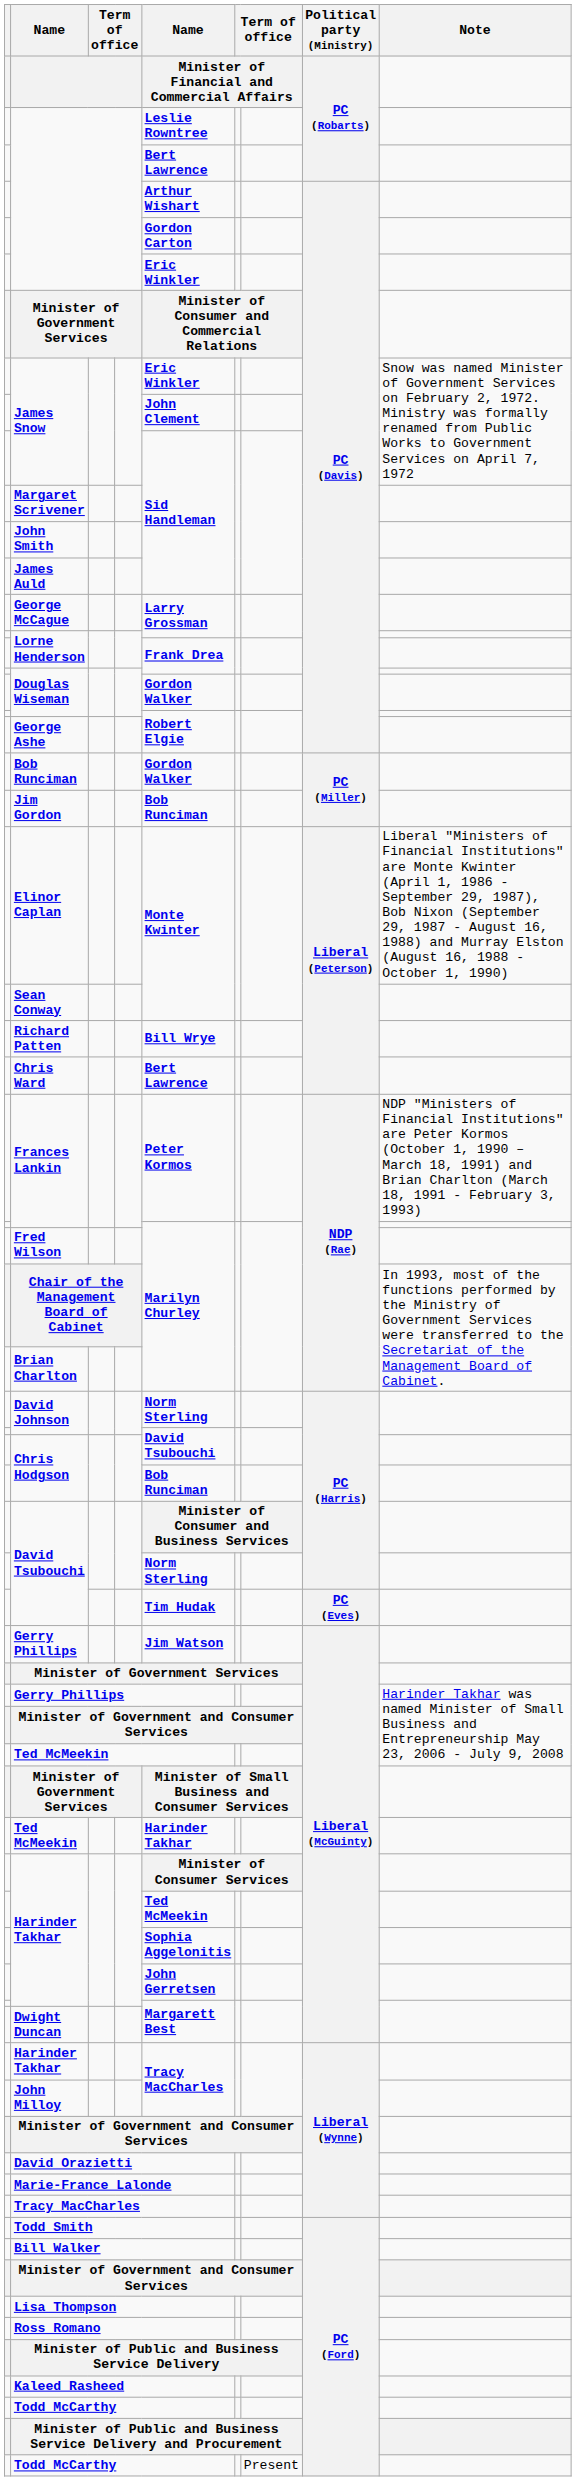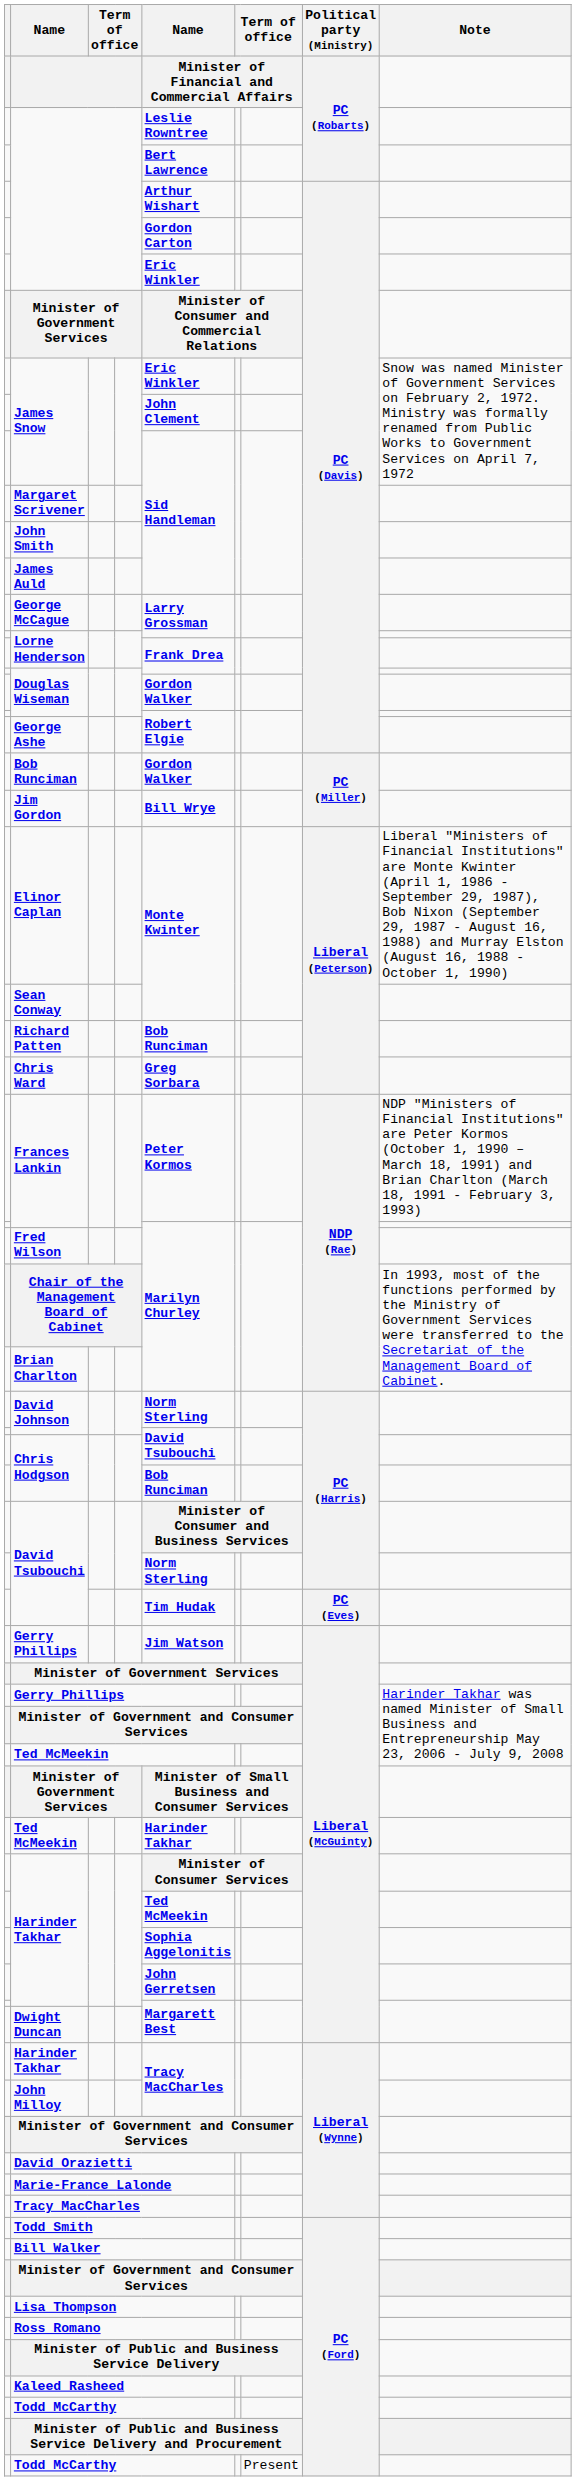 <table class="wikitable" style="width: 90%">
 <tr>
 <th></th>
 <th>Name</th>
 <th colspan=2>Term of office</th>
 <th>Name</th>
 <th colspan=2>Term of office</th>
 <th>Political party<br><small>(Ministry)</small></th>
 <th style="width: 400px;">Note</th>
 </tr>
 <tr>
 <th></th>
 <th colspan=3></th>
 <th colspan=3>Minister of Financial and Commercial Affairs</th>
 <th rowspan=3; style="background:"><a href='#'>PC</a><br><small>(<a href='#'>Robarts</a>)</small></th>
 </tr>
 <tr>
 <td style="background:"></td>
 <td colspan=3; rowspan=5></td>
 <td><strong><a href='#'>Leslie Rowntree</a></strong></td>
 <td></td>
 <td></td>
 <td></td>
 </tr>
 <tr>
 <td style="background:"></td>
 <td><strong><a href='#'>Bert Lawrence</a></strong></td>
 <td></td>
 <td></td>
 <td></td>
 </tr>
 <tr>
 <td style="background:"></td>
 <td><strong><a href='#'>Arthur Wishart</a></strong></td>
 <td></td>
 <td></td>
 <th rowspan=17; style="background:"><a href='#'>PC</a><br><small>(<a href='#'>Davis</a>)</small></th>
 <td></td>
 </tr>
 <tr>
 <td style="background:"></td>
 <td><strong><a href='#'>Gordon Carton</a></strong></td>
 <td></td>
 <td></td>
 <td></td>
 </tr>
 <tr>
 <td style="background:"></td>
 <td><strong><a href='#'>Eric Winkler</a></strong></td>
 <td></td>
 <td></td>
 <td></td>
 </tr>
 <tr>
 <th></th>
 <th colspan=3>Minister of Government Services</th>
 <th colspan=3>Minister of Consumer and Commercial Relations</th>
 <td></td>
 </tr>
 <tr>
 <td style="background:"></td>
 <td rowspan=3;><strong><a href='#'>James Snow</a></strong></td>
 <td rowspan=3;></td>
 <td rowspan=3;></td>
 <td><strong><a href='#'>Eric Winkler</a></strong></td>
 <td></td>
 <td></td>
 <td rowspan=3;>Snow was named Minister of Government Services on February 2, 1972.  Ministry was formally renamed from Public Works to Government Services on April 7, 1972</td>
 </tr>
 <tr>
 <td style="background:"></td>
 <td><strong><a href='#'>John Clement</a></strong></td>
 <td></td>
 <td></td>
 </tr>
 <tr>
 <td style="background:"></td>
 <td rowspan=4;><strong><a href='#'>Sid Handleman</a></strong></td>
 <td rowspan=4;></td>
 <td rowspan=4;></td>
 </tr>
 <tr>
 <td style="background:"></td>
 <td><strong><a href='#'>Margaret Scrivener</a></strong></td>
 <td></td>
 <td></td>
 <td></td>
 </tr>
 <tr>
 <td style="background:"></td>
 <td><strong><a href='#'>John Smith</a></strong></td>
 <td></td>
 <td></td>
 <td></td>
 </tr>
 <tr>
 <td style="background:"></td>
 <td><strong><a href='#'>James Auld</a></strong></td>
 <td></td>
 <td></td>
 <td></td>
 </tr>
 <tr>
 <td style="background:"></td>
 <td><strong><a href='#'>George McCague</a></strong></td>
 <td></td>
 <td></td>
 <td rowspan=2><strong><a href='#'>Larry Grossman</a></strong></td>
 <td rowspan=2></td>
 <td rowspan=2></td>
 </tr>
 <tr>
 <td style="background:"></td>
 <td rowspan=2;><strong><a href='#'>Lorne Henderson</a></strong></td>
 <td rowspan=2;></td>
 <td rowspan=2;></td>
 <td></td>
 </tr>
 <tr>
 <td style="background:"></td>
 <td rowspan=2;><strong><a href='#'>Frank Drea</a></strong></td>
 <td rowspan=2;></td>
 <td rowspan=2;></td>
 </tr>
 <tr>
 <td style="background:"></td>
 <td rowspan=3;><strong><a href='#'>Douglas Wiseman</a></strong></td>
 <td rowspan=3;></td>
 <td rowspan=3;></td>
 <td></td>
 </tr>
 <tr>
 <td style="background:"></td>
 <td><strong><a href='#'>Gordon Walker</a></strong></td>
 <td></td>
 <td></td>
 <td></td>
 </tr>
 <tr>
 <td style="background:"></td>
 <td rowspan=2;><strong><a href='#'>Robert Elgie</a></strong></td>
 <td rowspan=2;></td>
 <td rowspan=2;></td>
 <td></td>
 </tr>
 <tr>
 <td style="background:"></td>
 <td><strong><a href='#'>George Ashe</a></strong></td>
 <td></td>
 <td></td>
 <td></td>
 </tr>
 <tr>
 <td style="background:"></td>
 <td><strong><a href='#'>Bob Runciman</a></strong></td>
 <td></td>
 <td></td>
 <td><strong><a href='#'>Gordon Walker</a></strong></td>
 <td></td>
 <td></td>
 <th rowspan=2; style="background:"><a href='#'>PC</a><br><small>(<a href='#'>Miller</a>)</small></th>
 <td></td>
 </tr>
 <tr>
 <td style="background:"></td>
 <td><strong><a href='#'>Jim Gordon</a></strong></td>
 <td></td>
 <td></td>
-<td><strong><a href='#'>Bob Runciman</a></strong></td>
+<td><strong><a href='#'>Bill Wrye</a></strong></td>
 <td></td>
 <td></td>
 <td></td>
 </tr>
 <tr>
 <td style="background:"></td>
 <td><strong><a href='#'>Elinor Caplan</a></strong></td>
 <td></td>
 <td></td>
 <td rowspan=2;><strong><a href='#'>Monte Kwinter</a></strong></td>
 <td rowspan=2;></td>
 <td rowspan=2;></td>
 <th rowspan=4; style="background:"><a href='#'>Liberal</a><br><small>(<a href='#'>Peterson</a>)</small></th>
 <td>Liberal "Ministers of Financial Institutions" are Monte Kwinter (April 1, 1986 - September 29, 1987), Bob Nixon (September 29, 1987 - August 16, 1988) and Murray Elston (August 16, 1988 - October 1, 1990)</td>
 </tr>
 <tr>
 <td style="background:"></td>
 <td><strong><a href='#'>Sean Conway</a></strong></td>
 <td></td>
 <td></td>
 <td></td>
 </tr>
 <tr>
 <td style="background:"></td>
 <td><strong><a href='#'>Richard Patten</a></strong></td>
 <td></td>
 <td></td>
-<td><strong><a href='#'>Bill Wrye</a></strong></td>
+<td><strong><a href='#'>Bob Runciman</a></strong></td>
 <td></td>
 <td></td>
 <td></td>
 </tr>
 <tr>
 <td style="background:"></td>
 <td><strong><a href='#'>Chris Ward</a></strong></td>
 <td></td>
 <td></td>
-<td><strong><a href='#'>Bert Lawrence</a></strong></td>
+<td><strong><a href='#'>Greg Sorbara</a></strong></td>
 <td></td>
 <td></td>
 <td></td>
 </tr>
 <tr>
 <td style="background:"></td>
 <td rowspan=2;><strong><a href='#'>Frances Lankin</a></strong></td>
 <td rowspan=2;></td>
 <td rowspan=2;></td>
 <td><strong><a href='#'>Peter Kormos</a></strong></td>
 <td></td>
 <td></td>
 <th rowspan=5 ; style="background:"><a href='#'>NDP</a><br><small>(<a href='#'>Rae</a>)</small></th>
 <td>NDP "Ministers of Financial Institutions" are Peter Kormos (October 1, 1990 – March 18, 1991) and Brian Charlton (March 18, 1991 - February 3, 1993)</td>
 </tr>
 <tr>
 <td style="background:"></td>
 <td rowspan=4;><strong><a href='#'>Marilyn Churley</a></strong></td>
 <td rowspan=4;></td>
 <td rowspan=4;></td>
 <td></td>
 </tr>
 <tr>
 <td style="background:"></td>
 <td><strong><a href='#'>Fred Wilson</a></strong></td>
 <td></td>
 <td></td>
 <td></td>
 </tr>
 <tr>
 <th></th>
 <th colspan=3><a href='#'>Chair of the Management Board of Cabinet</a></th>
 <td colspan=1; rowspan=2>In 1993, most of the functions performed by the Ministry of Government Services were transferred to the <a href='#'>Secretariat of the Management Board of Cabinet</a>.</td>
 </tr>
 <tr>
 <td style="background:"></td>
 <td><strong><a href='#'>Brian Charlton</a></strong></td>
 <td></td>
 <td></td>
 </tr>
 <tr>
 <td style="background:"></td>
 <td rowspan=2;><strong><a href='#'>David Johnson</a></strong></td>
 <td rowspan=2;></td>
 <td rowspan=2;></td>
 <td><strong><a href='#'>Norm Sterling</a></strong></td>
 <td></td>
 <td></td>
 <th rowspan=6 ; style="background:"><a href='#'>PC</a><br><small>(<a href='#'>Harris</a>)</small></th>
 </tr>
 <tr>
 <td style="background:"></td>
 <td rowspan=2;><strong><a href='#'>David Tsubouchi</a></strong></td>
 <td rowspan=2;></td>
 <td rowspan=2;></td>
 </tr>
 <tr>
 <td style="background:"></td>
 <td rowspan=2;><strong><a href='#'>Chris Hodgson</a></strong></td>
 <td rowspan=2;></td>
 <td rowspan=2;></td>
 <td></td>
 </tr>
 <tr>
 <td style="background:"></td>
 <td><strong><a href='#'>Bob Runciman</a></strong></td>
 <td></td>
 <td></td>
 <td></td>
 </tr>
 <tr>
 <td style="background:"></td>
 <td rowspan=3;><strong><a href='#'>David Tsubouchi</a></strong></td>
 <td rowspan=2;></td>
 <td rowspan=2;></td>
 <th colspan=3>Minister of Consumer and Business Services</th>
 <td></td>
 </tr>
 <tr>
 <td style="background:"></td>
 <td><strong><a href='#'>Norm Sterling</a></strong></td>
 <td></td>
 <td></td>
 <td></td>
 </tr>
 <tr>
 <td style="background:"></td>
 <td></td>
 <td></td>
 <td><strong><a href='#'>Tim Hudak</a></strong></td>
 <td></td>
 <td></td>
 <th style="background:"><a href='#'>PC</a><br><small>(<a href='#'>Eves</a>)</small></th>
 <td></td>
 </tr>
 <tr>
 <td style="background:"></td>
 <td><strong><a href='#'>Gerry Phillips</a></strong></td>
 <td></td>
 <td></td>
 <td><strong><a href='#'>Jim Watson</a></strong></td>
 <td></td>
 <td></td>
 <th rowspan=13 ; style="background:"><a href='#'>Liberal</a><br><small>(<a href='#'>McGuinty</a>)</small></th>
 <td></td>
 </tr>
 <tr>
 <th></th>
 <th colspan=6>Minister of Government Services</th>
 </tr>
 <tr>
 <td style="background:"></td>
 <td colspan=4><strong><a href='#'>Gerry Phillips</a></strong></td>
 <td></td>
 <td></td>
 <td rowspan=3;><a href='#'>Harinder Takhar</a> was named Minister of Small Business and Entrepreneurship May 23, 2006 - July 9, 2008</td>
 </tr>
 <tr>
 <th></th>
 <th colspan=6>Minister of Government and Consumer Services</th>
 </tr>
 <tr>
 <td style="background:"></td>
 <td colspan=4><strong><a href='#'>Ted McMeekin</a></strong></td>
 <td></td>
 <td></td>
 </tr>
 <tr>
 <th></th>
 <th colspan=3>Minister of Government Services</th>
 <th colspan=3>Minister of Small Business and Consumer Services</th>
 <td></td>
 </tr>
 <tr>
 <td style="background:"></td>
 <td><strong><a href='#'>Ted McMeekin</a></strong></td>
 <td></td>
 <td></td>
 <td><strong><a href='#'>Harinder Takhar</a></strong></td>
 <td></td>
 <td></td>
 </tr>
 <tr>
 <td style="background:"></td>
 <td rowspan=5><strong><a href='#'>Harinder Takhar</a></strong></td>
 <td rowspan=5></td>
 <td rowspan=5></td>
 <th colspan=3>Minister of Consumer Services</th>
 <td></td>
 </tr>
 <tr>
 <td style="background:"></td>
 <td><strong><a href='#'>Ted McMeekin</a></strong></td>
 <td></td>
 <td></td>
 </tr>
 <tr>
 <td style="background:"></td>
 <td><strong><a href='#'>Sophia Aggelonitis</a></strong></td>
 <td></td>
 <td></td>
 <td></td>
 </tr>
 <tr>
 <td style="background:"></td>
 <td><strong><a href='#'>John Gerretsen</a></strong></td>
 <td></td>
 <td></td>
 <td></td>
 </tr>
 <tr>
 <td style="background:"></td>
 <td rowspan=2><strong><a href='#'>Margarett Best</a></strong></td>
 <td rowspan=2></td>
 <td rowspan=2></td>
 </tr>
 <tr>
 <td style="background:"></td>
 <td><strong><a href='#'>Dwight Duncan</a></strong></td>
 <td></td>
 <td></td>
 </tr>
 <tr>
 <td style="background:"></td>
 <td><strong><a href='#'>Harinder Takhar</a></strong></td>
 <td></td>
 <td></td>
 <td rowspan=2><strong><a href='#'>Tracy MacCharles</a></strong></td>
 <td rowspan=2></td>
 <td rowspan=2></td>
 <th rowspan=6 ; style="background:"><a href='#'>Liberal</a><br><small>(<a href='#'>Wynne</a>)</small></th>
 <td></td>
 </tr>
 <tr>
 <td style="background:"></td>
 <td><strong><a href='#'>John Milloy</a></strong></td>
 <td></td>
 <td></td>
 <td></td>
 </tr>
 <tr>
 <th></th>
 <th colspan=6>Minister of Government and Consumer Services</th>
 <td></td>
 </tr>
 <tr>
 <td style="background:"></td>
 <td colspan=4><strong><a href='#'>David Orazietti</a></strong></td>
 <td></td>
 <td></td>
 <td></td>
 </tr>
 <tr>
 <td style="background:"></td>
 <td colspan=4><strong><a href='#'>Marie-France Lalonde</a></strong></td>
 <td></td>
 <td></td>
 <td></td>
 </tr>
 <tr>
 <td style="background:"></td>
 <td colspan=4><strong><a href='#'>Tracy MacCharles</a></strong></td>
 <td></td>
 <td></td>
 <td></td>
 </tr>
 <tr>
 <td style="background:"></td>
 <td colspan=4><strong><a href='#'>Todd Smith</a></strong></td>
 <td></td>
 <td></td>
 <th rowspan=11; style="background:"><a href='#'>PC</a><br><small>(<a href='#'>Ford</a>)</small></th>
 </tr>
 <tr>
 <td style="background:"></td>
 <td colspan=4><strong><a href='#'>Bill Walker</a></strong></td>
 <td></td>
 <td></td>
 <td></td>
 </tr>
 <tr>
 <th></th>
 <th colspan=6>Minister of Government and Consumer Services</th>
 <th></th>
 </tr>
 <tr>
 <td style="background:"></td>
 <td colspan=4><strong><a href='#'>Lisa Thompson</a></strong></td>
 <td></td>
 <td></td>
 <td></td>
 </tr>
 <tr>
 <td style="background:"></td>
 <td colspan=4><strong><a href='#'>Ross Romano</a></strong></td>
 <td></td>
 <td></td>
 </tr>
 <tr>
 <th></th>
 <th colspan=6>Minister of Public and Business Service Delivery</th>
 <td></td>
 </tr>
 <tr>
 <td style="background:"></td>
 <td colspan=4><strong><a href='#'>Kaleed Rasheed</a></strong></td>
 <td></td>
 <td></td>
 <td></td>
 </tr>
 <tr>
 <td style="background:"></td>
 <td colspan=4><strong><a href='#'>Todd McCarthy</a></strong></td>
 <td></td>
 <td></td>
 <td></td>
 </tr>
 <tr>
 <th></th>
 <th colspan=6>Minister of Public and Business Service Delivery and Procurement</th>
 <th></th>
 </tr>
 <tr>
 <td style="background:"></td>
 <td colspan=4><strong><a href='#'>Todd McCarthy</a></strong></td>
 <td></td>
 <td>Present</td>
 <td></td>
 </tr>
 </table>
